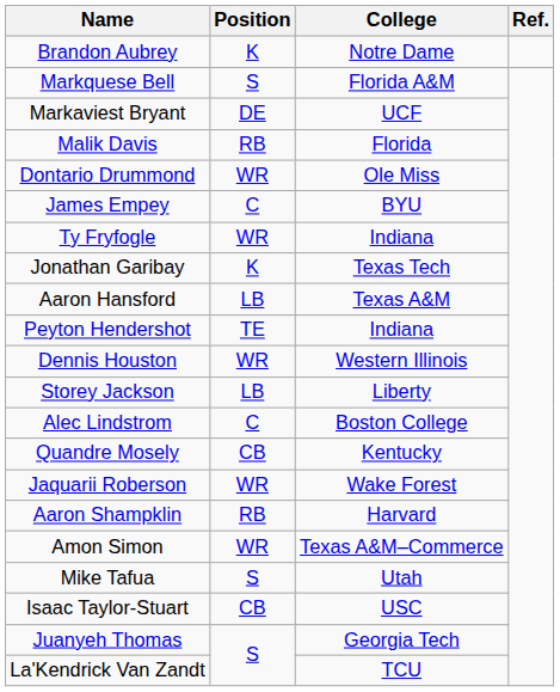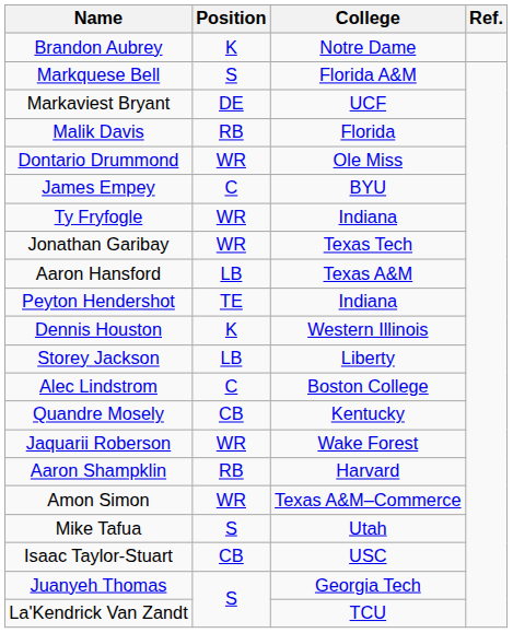 <table class="wikitable" style="text-align:center">
 <tr>
 <th>Name</th>
 <th>Position</th>
 <th>College</th>
 <th>Ref.</th>
 </tr>
 <tr>
 <td><a href='#'>Brandon Aubrey</a></td>
 <td><a href='#'>K</a></td>
 <td><a href='#'>Notre Dame</a></td>
 </tr>
 <tr>
 <td><a href='#'>Markquese Bell</a></td>
 <td><a href='#'>S</a></td>
 <td><a href='#'>Florida A&M</a></td>
 <td rowspan = 20></td>
 </tr>
 <tr>
 <td>Markaviest Bryant</td>
 <td><a href='#'>DE</a></td>
 <td><a href='#'>UCF</a></td>
 </tr>
 <tr>
 <td><a href='#'>Malik Davis</a></td>
 <td><a href='#'>RB</a></td>
 <td><a href='#'>Florida</a></td>
 </tr>
 <tr>
 <td><a href='#'>Dontario Drummond</a></td>
 <td><a href='#'>WR</a></td>
 <td><a href='#'>Ole Miss</a></td>
 </tr>
 <tr>
 <td><a href='#'>James Empey</a></td>
 <td><a href='#'>C</a></td>
 <td><a href='#'>BYU</a></td>
 </tr>
 <tr>
 <td><a href='#'>Ty Fryfogle</a></td>
 <td><a href='#'>WR</a></td>
 <td><a href='#'>Indiana</a></td>
 </tr>
 <tr>
 <td>Jonathan Garibay</td>
-<td><a href='#'>K</a></td>
+<td><a href='#'>WR</a></td>
 <td><a href='#'>Texas Tech</a></td>
 </tr>
 <tr>
 <td>Aaron Hansford</td>
 <td><a href='#'>LB</a></td>
 <td><a href='#'>Texas A&M</a></td>
 </tr>
 <tr>
 <td><a href='#'>Peyton Hendershot</a></td>
 <td><a href='#'>TE</a></td>
 <td><a href='#'>Indiana</a></td>
 </tr>
 <tr>
 <td><a href='#'>Dennis Houston</a></td>
-<td><a href='#'>WR</a></td>
+<td><a href='#'>K</a></td>
 <td><a href='#'>Western Illinois</a></td>
 </tr>
 <tr>
 <td><a href='#'>Storey Jackson</a></td>
 <td><a href='#'>LB</a></td>
 <td><a href='#'>Liberty</a></td>
 </tr>
 <tr>
 <td><a href='#'>Alec Lindstrom</a></td>
 <td><a href='#'>C</a></td>
 <td><a href='#'>Boston College</a></td>
 </tr>
 <tr>
 <td><a href='#'>Quandre Mosely</a></td>
 <td><a href='#'>CB</a></td>
 <td><a href='#'>Kentucky</a></td>
 </tr>
 <tr>
 <td><a href='#'>Jaquarii Roberson</a></td>
 <td><a href='#'>WR</a></td>
 <td><a href='#'>Wake Forest</a></td>
 </tr>
 <tr>
 <td><a href='#'>Aaron Shampklin</a></td>
 <td><a href='#'>RB</a></td>
 <td><a href='#'>Harvard</a></td>
 </tr>
 <tr>
 <td>Amon Simon</td>
 <td><a href='#'>WR</a></td>
 <td><a href='#'>Texas A&M–Commerce</a></td>
 </tr>
 <tr>
 <td>Mike Tafua</td>
 <td><a href='#'>S</a></td>
 <td><a href='#'>Utah</a></td>
 </tr>
 <tr>
 <td>Isaac Taylor-Stuart</td>
 <td><a href='#'>CB</a></td>
 <td><a href='#'>USC</a></td>
 </tr>
 <tr>
 <td><a href='#'>Juanyeh Thomas</a></td>
 <td rowspan = 2><a href='#'>S</a></td>
 <td><a href='#'>Georgia Tech</a></td>
 </tr>
 <tr>
 <td>La'Kendrick Van Zandt</td>
 <td><a href='#'>TCU</a></td>
 </tr>
 </table>
